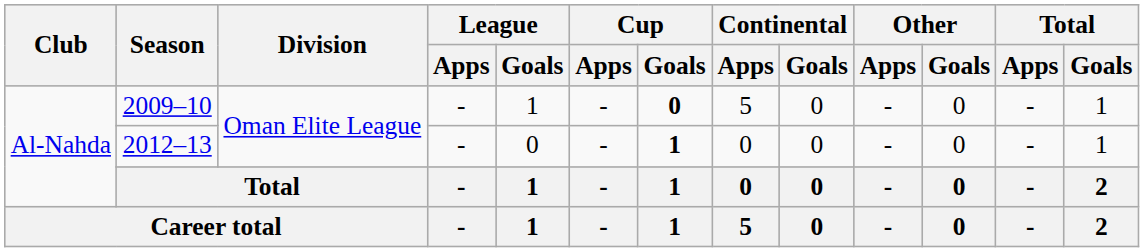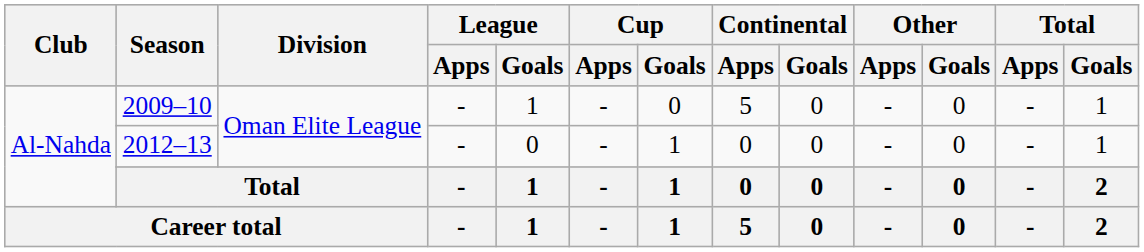 <table class="wikitable" style="text-align: center;">
 <tr>
 <th rowspan="2">Club</th>
 <th rowspan="2">Season</th>
 <th rowspan="2">Division</th>
 <th colspan="2">League</th>
 <th colspan="2">Cup</th>
 <th colspan="2">Continental</th>
 <th colspan="2">Other</th>
 <th colspan="2">Total</th>
 </tr>
 <tr>
 <th>Apps</th>
 <th>Goals</th>
 <th>Apps</th>
 <th>Goals</th>
 <th>Apps</th>
 <th>Goals</th>
 <th>Apps</th>
 <th>Goals</th>
 <th>Apps</th>
 <th>Goals</th>
 </tr>
 <tr>
 <td rowspan="3"><a href='#'>Al-Nahda</a></td>
 <td><a href='#'>2009–10</a></td>
 <td rowspan="2"><a href='#'>Oman Elite League</a></td>
 <td>-</td>
 <td>1</td>
 <td>-</td>
-<td><strong>0</strong></td>
+<td>0</td>
 <td>5</td>
 <td>0</td>
 <td>-</td>
 <td>0</td>
 <td>-</td>
 <td>1</td>
 </tr>
 <tr>
 <td><a href='#'>2012–13</a></td>
 <td>-</td>
 <td>0</td>
 <td>-</td>
-<td><strong>1</strong></td>
+<td>1</td>
 <td>0</td>
 <td>0</td>
 <td>-</td>
 <td>0</td>
 <td>-</td>
 <td>1</td>
 </tr>
 <tr>
 <th colspan="2">Total</th>
 <th>-</th>
 <th>1</th>
 <th>-</th>
 <th>1</th>
 <th>0</th>
 <th>0</th>
 <th>-</th>
 <th>0</th>
 <th>-</th>
 <th>2</th>
 </tr>
 <tr>
 <th colspan="3">Career total</th>
 <th>-</th>
 <th>1</th>
 <th>-</th>
 <th>1</th>
 <th>5</th>
 <th>0</th>
 <th>-</th>
 <th>0</th>
 <th>-</th>
 <th>2</th>
 </tr>
 </table>
